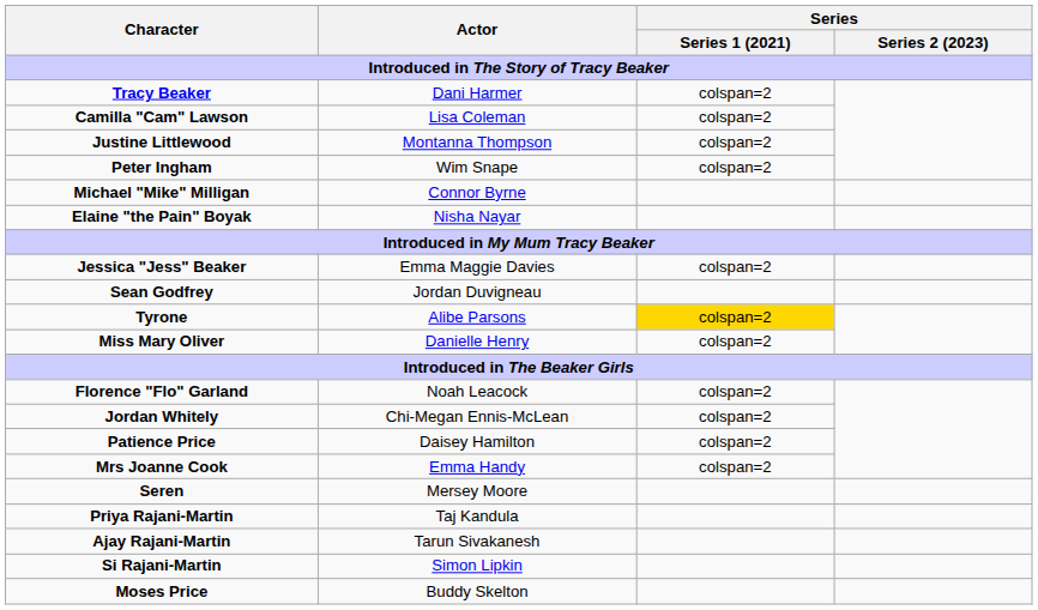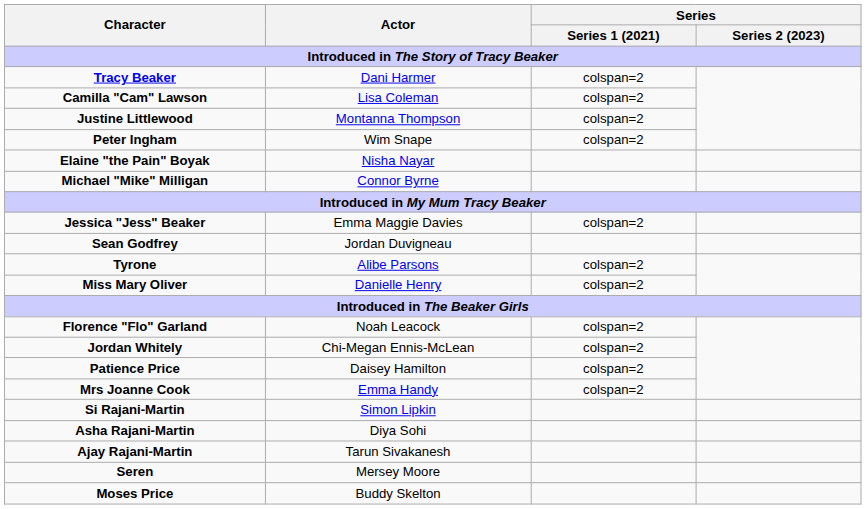 <table class="wikitable" style="text-align:center; width:100%; font-size:85%">
 <tr>
 <th rowspan="2">Character</th>
 <th rowspan="2">Actor</th>
 <th colspan="2">Series</th>
 </tr>
 <tr>
 <th>Series 1 (2021)</th>
 <th>Series 2 (2023)</th>
 </tr>
 <tr>
 <th scope="col" colspan="4" style="background-color:#ccccff;">Introduced in <em>The Story of Tracy Beaker</em></th>
 </tr>
 <tr>
 <td><strong><a href='#'>Tracy Beaker</a></strong></td>
 <td><a href='#'>Dani Harmer</a></td>
 <td>colspan=2 </td>
 </tr>
 <tr>
 <td><strong>Camilla "Cam" Lawson</strong></td>
 <td><a href='#'>Lisa Coleman</a></td>
 <td>colspan=2 </td>
 </tr>
 <tr>
 <td><strong>Justine Littlewood</strong></td>
 <td><a href='#'>Montanna Thompson</a></td>
 <td>colspan=2 </td>
 </tr>
 <tr>
 <td><strong>Peter Ingham</strong></td>
 <td>Wim Snape</td>
 <td>colspan=2 </td>
 </tr>
 <tr>
-<td><strong>Michael "Mike" Milligan</strong></td>
-<td><a href='#'>Connor Byrne</a></td>
+<td><strong>Elaine "the Pain" Boyak</strong></td>
+<td><a href='#'>Nisha Nayar</a></td>
 <td></td>
 <td></td>
 </tr>
 <tr>
-<td><strong>Elaine "the Pain" Boyak</strong></td>
-<td><a href='#'>Nisha Nayar</a></td>
+<td><strong>Michael "Mike" Milligan</strong></td>
+<td><a href='#'>Connor Byrne</a></td>
 <td></td>
 <td></td>
 </tr>
 <tr>
 <th scope="col" colspan="4" style="background-color:#ccccff;">Introduced in <em>My Mum Tracy Beaker</em></th>
 </tr>
 <tr>
 <td><strong>Jessica "Jess" Beaker</strong></td>
 <td>Emma Maggie Davies</td>
 <td>colspan=2 </td>
 </tr>
 <tr>
 <td><strong>Sean Godfrey</strong></td>
 <td>Jordan Duvigneau</td>
 <td></td>
 <td></td>
 </tr>
 <tr>
 <td><strong>Tyrone</strong></td>
 <td><a href='#'>Alibe Parsons</a></td>
-<td style="background: gold;">colspan=2 </td>
+<td>colspan=2 </td>
 </tr>
 <tr>
 <td><strong>Miss Mary Oliver</strong></td>
 <td><a href='#'>Danielle Henry</a></td>
 <td>colspan=2 </td>
 </tr>
 <tr>
 <th scope="col" colspan="4" style="background-color:#ccccff;">Introduced in <em>The Beaker Girls</em></th>
 </tr>
 <tr>
 <td><strong>Florence "Flo" Garland</strong></td>
 <td>Noah Leacock</td>
 <td>colspan=2 </td>
 </tr>
 <tr>
 <td><strong>Jordan Whitely</strong></td>
 <td>Chi-Megan Ennis-McLean</td>
 <td>colspan=2 </td>
 </tr>
 <tr>
 <td><strong>Patience Price</strong></td>
 <td>Daisey Hamilton</td>
 <td>colspan=2 </td>
 </tr>
 <tr>
 <td><strong>Mrs Joanne Cook</strong></td>
 <td><a href='#'>Emma Handy</a></td>
 <td>colspan=2 </td>
 </tr>
 <tr>
-<td><strong>Seren</strong></td>
-<td>Mersey Moore</td>
+<td><strong>Si Rajani-Martin</strong></td>
+<td><a href='#'>Simon Lipkin</a></td>
 <td></td>
 <td></td>
 </tr>
 <tr>
-<td><strong>Priya Rajani-Martin</strong></td>
-<td>Taj Kandula</td>
+<td><strong>Asha Rajani-Martin</strong></td>
+<td>Diya Sohi</td>
 <td></td>
 <td></td>
 </tr>
 <tr>
 <td><strong>Ajay Rajani-Martin</strong></td>
 <td>Tarun Sivakanesh</td>
 <td></td>
 <td></td>
 </tr>
 <tr>
-<td><strong>Si Rajani-Martin</strong></td>
-<td><a href='#'>Simon Lipkin</a></td>
+<td><strong>Seren</strong></td>
+<td>Mersey Moore</td>
 <td></td>
 <td></td>
 </tr>
 <tr>
 <td><strong>Moses Price</strong></td>
 <td>Buddy Skelton</td>
 <td></td>
 <td></td>
 </tr>
 </table>
